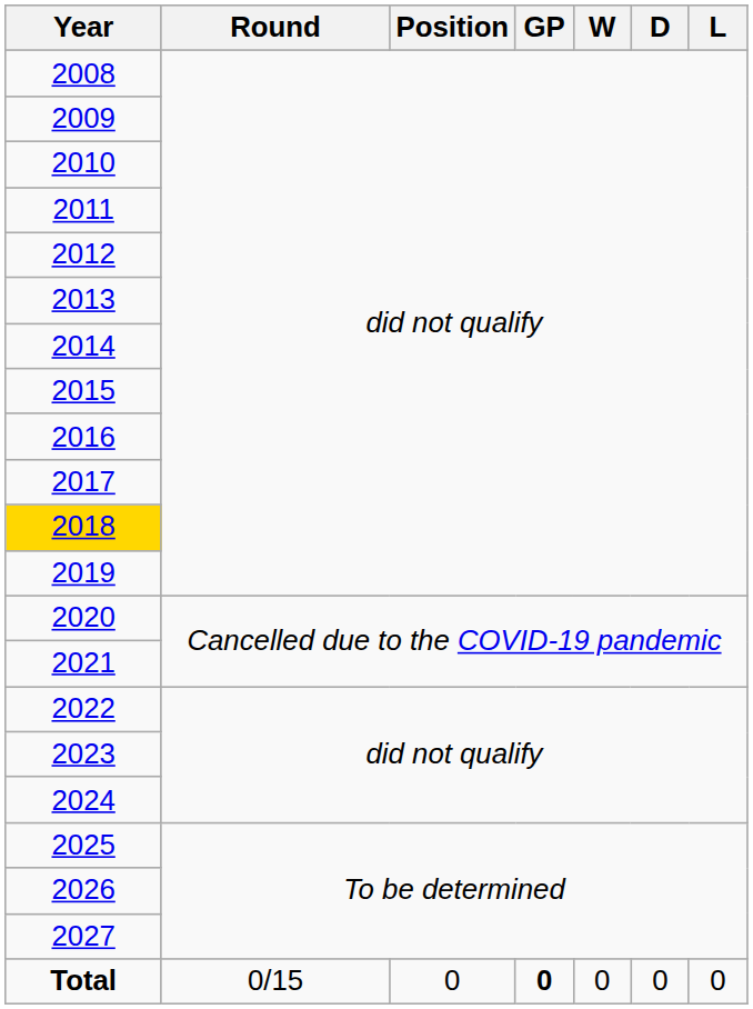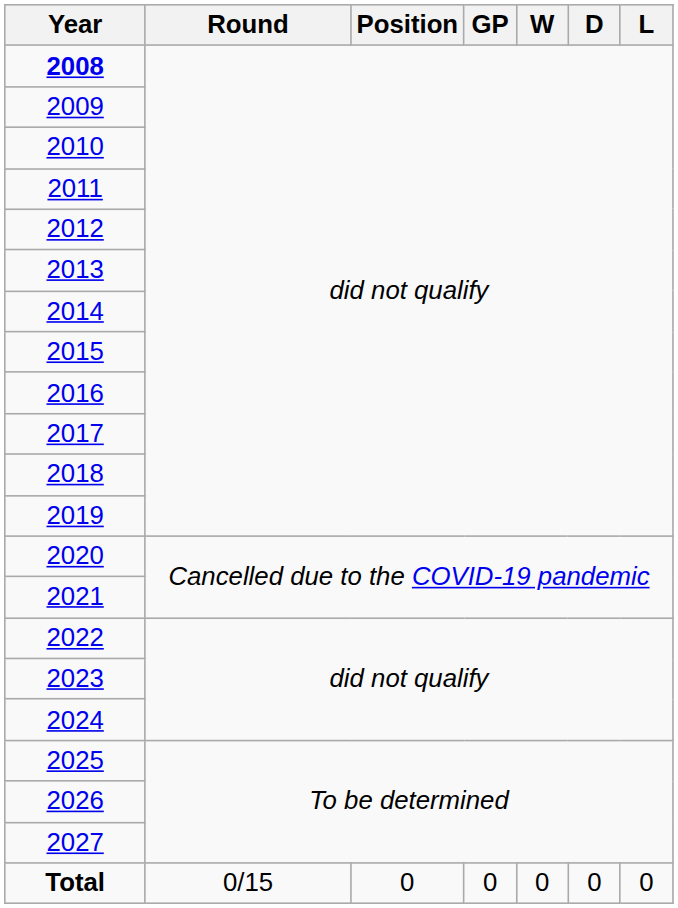 <table class="wikitable" style="text-align: center;">
 <tr>
 <th width=80>Year</th>
 <th width=120>Round</th>
 <th>Position</th>
 <th width=25>GP</th>
 <th width=25>W</th>
 <th width=25>D</th>
 <th width=25>L</th>
 </tr>
 <tr>
-<td> <a href='#'>2008</a></td>
+<td><strong> <a href='#'>2008</a></strong></td>
 <td colspan=6 rowspan=12><em>did not qualify</em></td>
 </tr>
 <tr>
 <td> <a href='#'>2009</a></td>
 </tr>
 <tr>
 <td> <a href='#'>2010</a></td>
 </tr>
 <tr>
 <td> <a href='#'>2011</a></td>
 </tr>
 <tr>
 <td> <a href='#'>2012</a></td>
 </tr>
 <tr>
 <td> <a href='#'>2013</a></td>
 </tr>
 <tr>
 <td> <a href='#'>2014</a></td>
 </tr>
 <tr>
 <td> <a href='#'>2015</a></td>
 </tr>
 <tr>
 <td> <a href='#'>2016</a></td>
 </tr>
 <tr>
 <td> <a href='#'>2017</a></td>
 </tr>
 <tr>
-<td style="background: gold;"> <a href='#'>2018</a></td>
+<td> <a href='#'>2018</a></td>
 </tr>
 <tr>
 <td> <a href='#'>2019</a></td>
 </tr>
 <tr>
 <td> <a href='#'>2020</a></td>
 <td colspan=6 rowspan=2><em>Cancelled due to the <a href='#'>COVID-19 pandemic</a></em></td>
 </tr>
 <tr>
 <td> <a href='#'>2021</a></td>
 </tr>
 <tr>
 <td> <a href='#'>2022</a></td>
 <td colspan=6 rowspan=3><em>did not qualify</em></td>
 </tr>
 <tr>
 <td> <a href='#'>2023</a></td>
 </tr>
 <tr>
 <td> <a href='#'>2024</a></td>
 </tr>
 <tr>
 <td> <a href='#'>2025</a></td>
 <td colspan=6 rowspan=3><em>To be determined</em></td>
 </tr>
 <tr>
 <td> <a href='#'>2026</a></td>
 </tr>
 <tr>
 <td> <a href='#'>2027</a></td>
 </tr>
 <tr>
 <td><strong>Total</strong></td>
 <td>0/15</td>
 <td>0</td>
-<td><strong>0</strong></td>
+<td>0</td>
 <td>0</td>
 <td>0</td>
 <td>0</td>
 </tr>
 </table>
